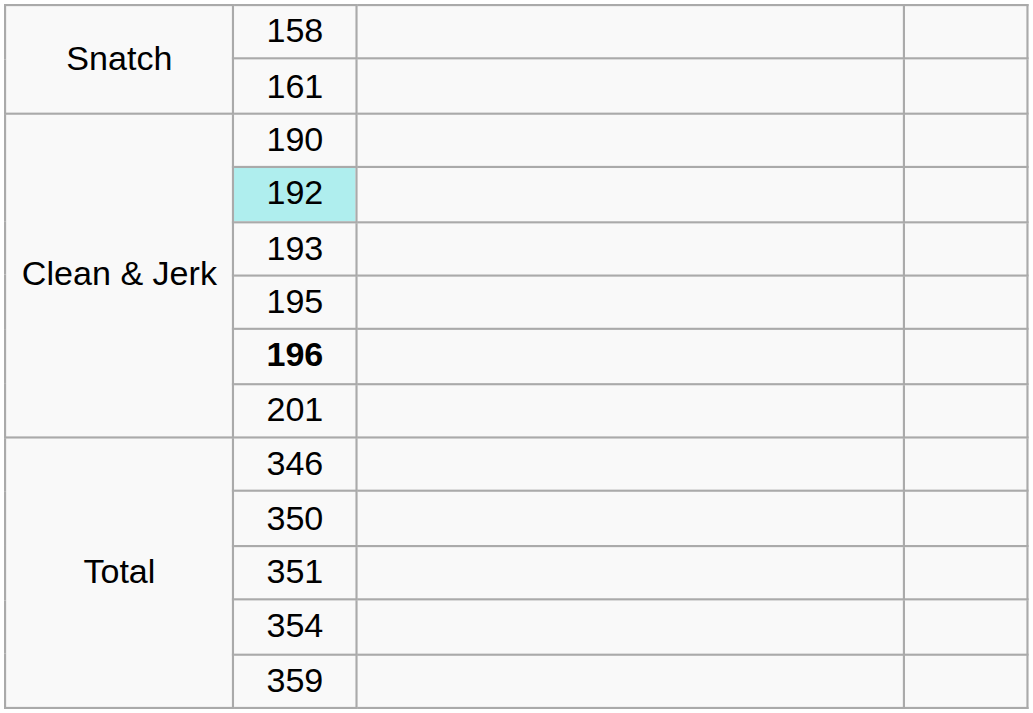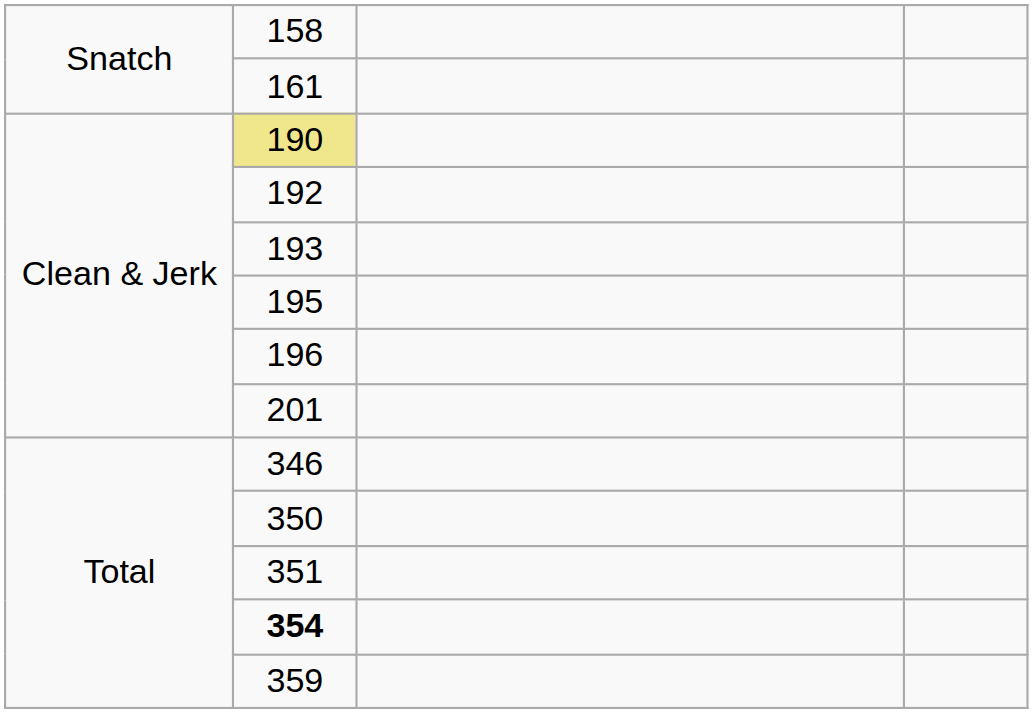 <table class = "wikitable" style="text-align:center;">
 <tr>
 <td rowspan=2 width=100>Snatch</td>
 <td width=50>158</td>
 <td width=250 align=left></td>
 <td width=50></td>
 </tr>
 <tr>
 <td>161</td>
 <td align=left></td>
 <td></td>
 </tr>
 <tr>
 <td rowspan=6>Clean & Jerk</td>
-<td>190</td>
+<td style="background: khaki;">190</td>
 <td align=left></td>
 <td></td>
 </tr>
 <tr>
-<td style="background: paleturquoise;">192</td>
+<td>192</td>
 <td align=left></td>
 <td></td>
 </tr>
 <tr>
 <td>193</td>
 <td align=left></td>
 <td></td>
 </tr>
 <tr>
 <td>195</td>
 <td align=left></td>
 <td></td>
 </tr>
 <tr>
-<td><strong>196</strong></td>
+<td>196</td>
 <td align=left></td>
 <td></td>
 </tr>
 <tr>
 <td>201</td>
 <td align=left></td>
 <td></td>
 </tr>
 <tr>
 <td rowspan=5>Total</td>
 <td>346</td>
 <td align=left></td>
 <td></td>
 </tr>
 <tr>
 <td>350</td>
 <td align=left></td>
 <td></td>
 </tr>
 <tr>
 <td>351</td>
 <td align=left></td>
 <td></td>
 </tr>
 <tr>
-<td>354</td>
+<td><strong>354</strong></td>
 <td align=left></td>
 <td></td>
 </tr>
 <tr>
 <td>359</td>
 <td align=left></td>
 <td></td>
 </tr>
 </table>
